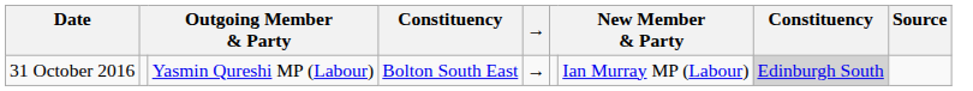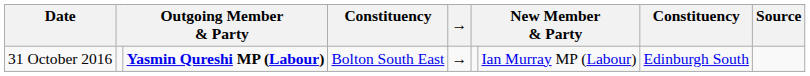 <table class="wikitable">
 <tr>
 <th valign="top">Date</th>
 <th colspan="2" valign="top">Outgoing Member<br>& Party</th>
 <th valign="top">Constituency</th>
 <th>→</th>
 <th colspan="2" valign="top">New Member<br>& Party</th>
 <th valign="top">Constituency</th>
 <th valign="top">Source</th>
 </tr>
 <tr>
 <td>31 October 2016</td>
 <td style="color:inherit;background:"></td>
-<td><a href='#'>Yasmin Qureshi</a> MP (<a href='#'>Labour</a>)</td>
+<td><strong><a href='#'>Yasmin Qureshi</a> MP (<a href='#'>Labour</a>)</strong></td>
 <td><a href='#'>Bolton South East</a></td>
 <td>→</td>
 <td style="color:inherit;background:"></td>
 <td><a href='#'>Ian Murray</a> MP (<a href='#'>Labour</a>)</td>
-<td style="background: lightgrey;"><a href='#'>Edinburgh South</a></td>
+<td><a href='#'>Edinburgh South</a></td>
 <td></td>
 </tr>
 </table>
